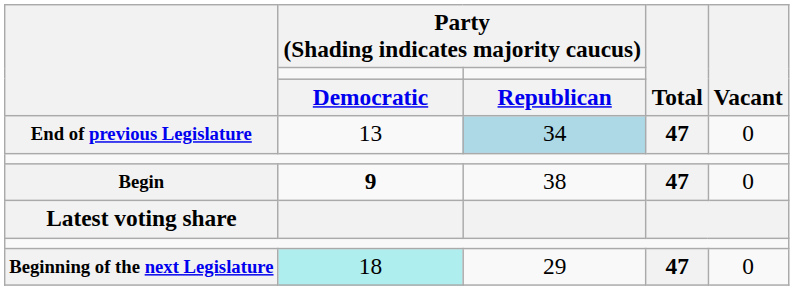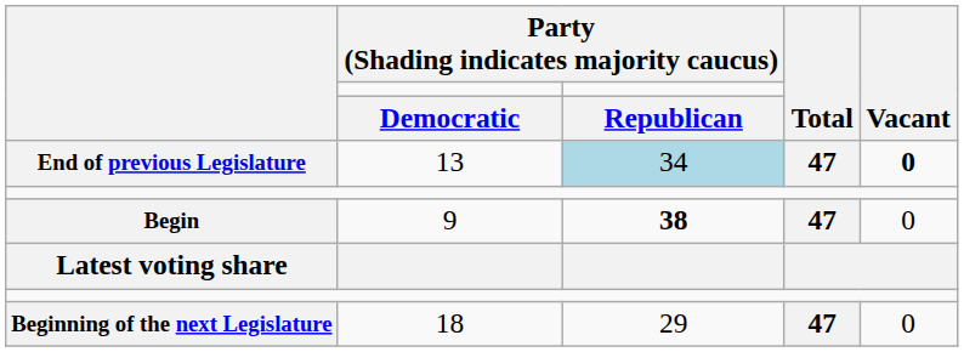 <table class=wikitable style="text-align:center">
 <tr style="vertical-align:bottom;">
 <th rowspan=3></th>
 <th colspan=2>Party <div>(Shading indicates majority caucus)</div></th>
 <th rowspan=3>Total</th>
 <th rowspan=3>Vacant</th>
 </tr>
 <tr style="height:5px">
 <td style="background-color:"></td>
 <td style="background-color:"></td>
 </tr>
 <tr>
 <th><a href='#'>Democratic</a></th>
 <th><a href='#'>Republican</a></th>
 </tr>
 <tr>
 <th style="white-space:nowrap; font-size:80%;">End of <a href='#'>previous Legislature</a></th>
 <td>13</td>
 <td style="background: lightblue;">34</td>
 <th>47</th>
-<td>0</td>
+<td><strong>0</strong></td>
 </tr>
 <tr>
 <td colspan=6></td>
 </tr>
 <tr>
 <th style="font-size:80%">Begin</th>
-<td><strong>9</strong></td>
-<td>38</td>
+<td>9</td>
+<td><strong>38</strong></td>
 <th>47</th>
 <td>0</td>
 </tr>
 <tr>
 <th>Latest voting share</th>
 <th></th>
 <th></th>
 <th colspan=2></th>
 </tr>
 <tr>
 <td colspan=6></td>
 </tr>
 <tr>
 <th style="white-space:nowrap; font-size:80%;">Beginning of the <a href='#'>next Legislature</a></th>
-<td style="background: paleturquoise;">18</td>
+<td>18</td>
 <td>29</td>
 <th>47</th>
 <td>0</td>
 </tr>
 </table>
